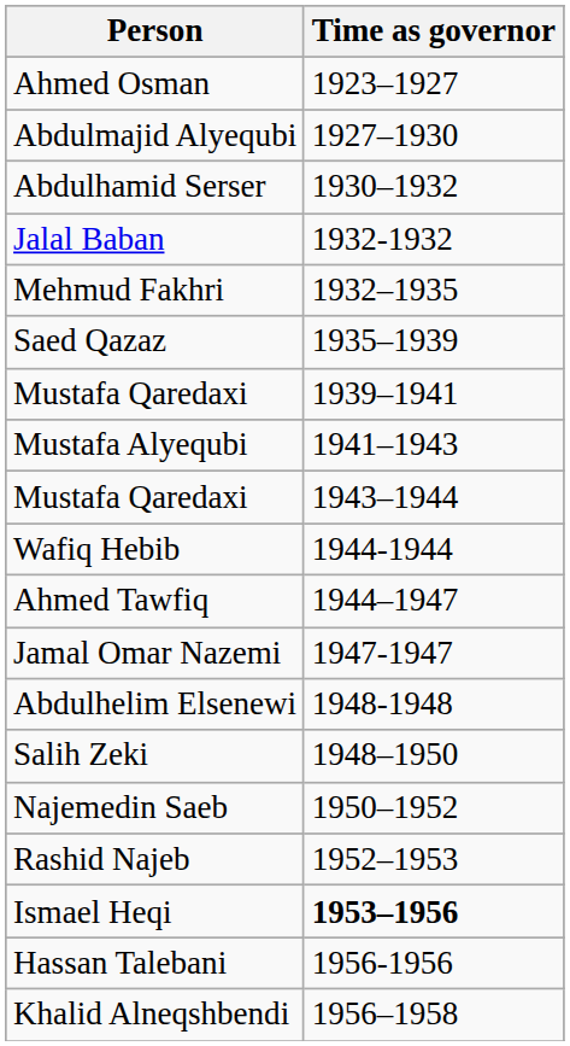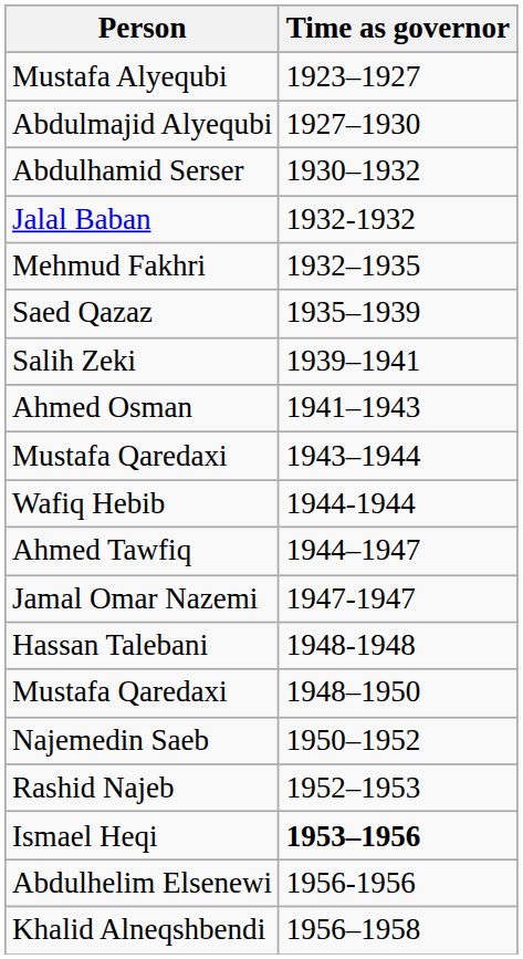 <table class="wikitable">
 <tr>
 <th>Person</th>
 <th>Time as governor</th>
 </tr>
 <tr>
-<td>Ahmed Osman</td>
+<td>Mustafa Alyequbi</td>
 <td>1923–1927</td>
 </tr>
 <tr>
 <td>Abdulmajid Alyequbi</td>
 <td>1927–1930</td>
 </tr>
 <tr>
 <td>Abdulhamid Serser</td>
 <td>1930–1932</td>
 </tr>
 <tr>
 <td><a href='#'>Jalal Baban</a></td>
 <td>1932-1932</td>
 </tr>
 <tr>
 <td>Mehmud Fakhri</td>
 <td>1932–1935</td>
 </tr>
 <tr>
 <td>Saed Qazaz</td>
 <td>1935–1939</td>
 </tr>
 <tr>
-<td>Mustafa Qaredaxi</td>
+<td>Salih Zeki</td>
 <td>1939–1941</td>
 </tr>
 <tr>
-<td>Mustafa Alyequbi</td>
+<td>Ahmed Osman</td>
 <td>1941–1943</td>
 </tr>
 <tr>
 <td>Mustafa Qaredaxi</td>
 <td>1943–1944</td>
 </tr>
 <tr>
 <td>Wafiq Hebib</td>
 <td>1944-1944</td>
 </tr>
 <tr>
 <td>Ahmed Tawfiq</td>
 <td>1944–1947</td>
 </tr>
 <tr>
 <td>Jamal Omar Nazemi</td>
 <td>1947-1947</td>
 </tr>
 <tr>
-<td>Abdulhelim Elsenewi</td>
+<td>Hassan Talebani</td>
 <td>1948-1948</td>
 </tr>
 <tr>
-<td>Salih Zeki</td>
+<td>Mustafa Qaredaxi</td>
 <td>1948–1950</td>
 </tr>
 <tr>
 <td>Najemedin Saeb</td>
 <td>1950–1952</td>
 </tr>
 <tr>
 <td>Rashid Najeb</td>
 <td>1952–1953</td>
 </tr>
 <tr>
 <td>Ismael Heqi</td>
 <td><strong>1953–1956</strong></td>
 </tr>
 <tr>
-<td>Hassan Talebani</td>
+<td>Abdulhelim Elsenewi</td>
 <td>1956-1956</td>
 </tr>
 <tr>
 <td>Khalid Alneqshbendi</td>
 <td>1956–1958</td>
 </tr>
 <tr>
 </tr>
 </table>
